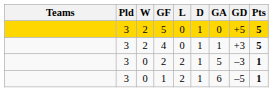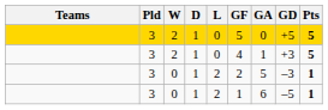 <table class="wikitable" style="text-align: center;">
 <tr>
 <th width=165>Teams</th>
 <th width=20>Pld</th>
 <th width=20>W</th>
+<th width=20>D</th>
+<th width=20>L</th>
 <th width=20>GF</th>
-<th width=20>L</th>
-<th width=20>D</th>
 <th width=20>GA</th>
 <th width=20>GD</th>
 <th width=20>Pts</th>
 </tr>
 <tr align=center style="background:gold">
 <td style="text-align:left;"></td>
 <td>3</td>
 <td>2</td>
+<td>1</td>
+<td>0</td>
 <td>5</td>
-<td>0</td>
-<td>1</td>
 <td>0</td>
 <td>+5</td>
 <td><strong>5</strong></td>
 </tr>
 <tr align=center>
 <td style="text-align:left;"></td>
 <td>3</td>
 <td>2</td>
+<td>1</td>
+<td>0</td>
 <td>4</td>
-<td>0</td>
-<td>1</td>
 <td>1</td>
 <td>+3</td>
 <td><strong>5</strong></td>
 </tr>
 <tr align=center>
 <td style="text-align:left;"></td>
 <td>3</td>
 <td>0</td>
+<td>1</td>
 <td>2</td>
 <td>2</td>
-<td>1</td>
 <td>5</td>
 <td>–3</td>
 <td><strong>1</strong></td>
 </tr>
 <tr align=center>
 <td style="text-align:left;"></td>
 <td>3</td>
 <td>0</td>
 <td>1</td>
 <td>2</td>
 <td>1</td>
 <td>6</td>
 <td>–5</td>
 <td><strong>1</strong></td>
 </tr>
 </table>
